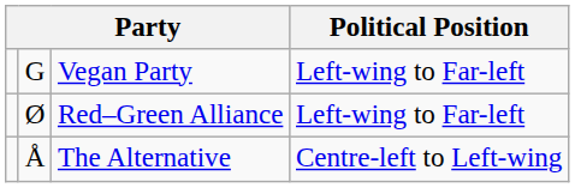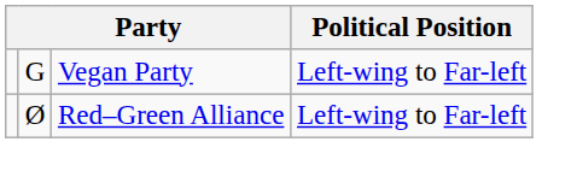 <table class="wikitable mw-collapsible mw-collapsed">
 <tr>
 <th colspan="3">Party</th>
 <th>Political Position</th>
 </tr>
 <tr>
 <td></td>
 <td>G</td>
 <td><a href='#'>Vegan Party</a></td>
 <td><a href='#'>Left-wing</a> to <a href='#'>Far-left</a></td>
 </tr>
 <tr>
 <td></td>
 <td>Ø</td>
 <td><a href='#'>Red–Green Alliance</a></td>
 <td><a href='#'>Left-wing</a> to <a href='#'>Far-left</a></td>
 </tr>
-<tr>
-<td></td>
-<td>Å</td>
-<td><a href='#'>The Alternative</a></td>
-<td><a href='#'>Centre-left</a> to <a href='#'>Left-wing</a></td>
-</tr>
 </table>
